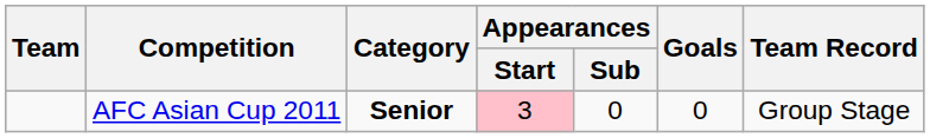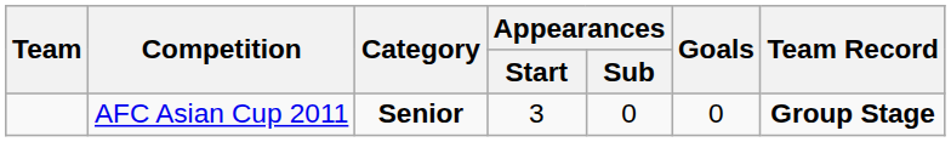 <table class="wikitable" style="font-size:90%; text-align: center;">
 <tr>
 <th rowspan="2">Team</th>
 <th rowspan="2">Competition</th>
 <th rowspan="2">Category</th>
 <th colspan="2">Appearances</th>
 <th rowspan="2">Goals</th>
 <th rowspan="2">Team Record</th>
 </tr>
 <tr>
 <th>Start</th>
 <th>Sub</th>
 </tr>
 <tr>
 <td align="left"></td>
 <td align="left"><a href='#'>AFC Asian Cup 2011</a></td>
 <td><strong>Senior</strong></td>
-<td style="background: pink;">3</td>
+<td>3</td>
 <td>0</td>
 <td>0</td>
-<td>Group Stage</td>
+<td><strong>Group Stage</strong></td>
 </tr>
 </table>
